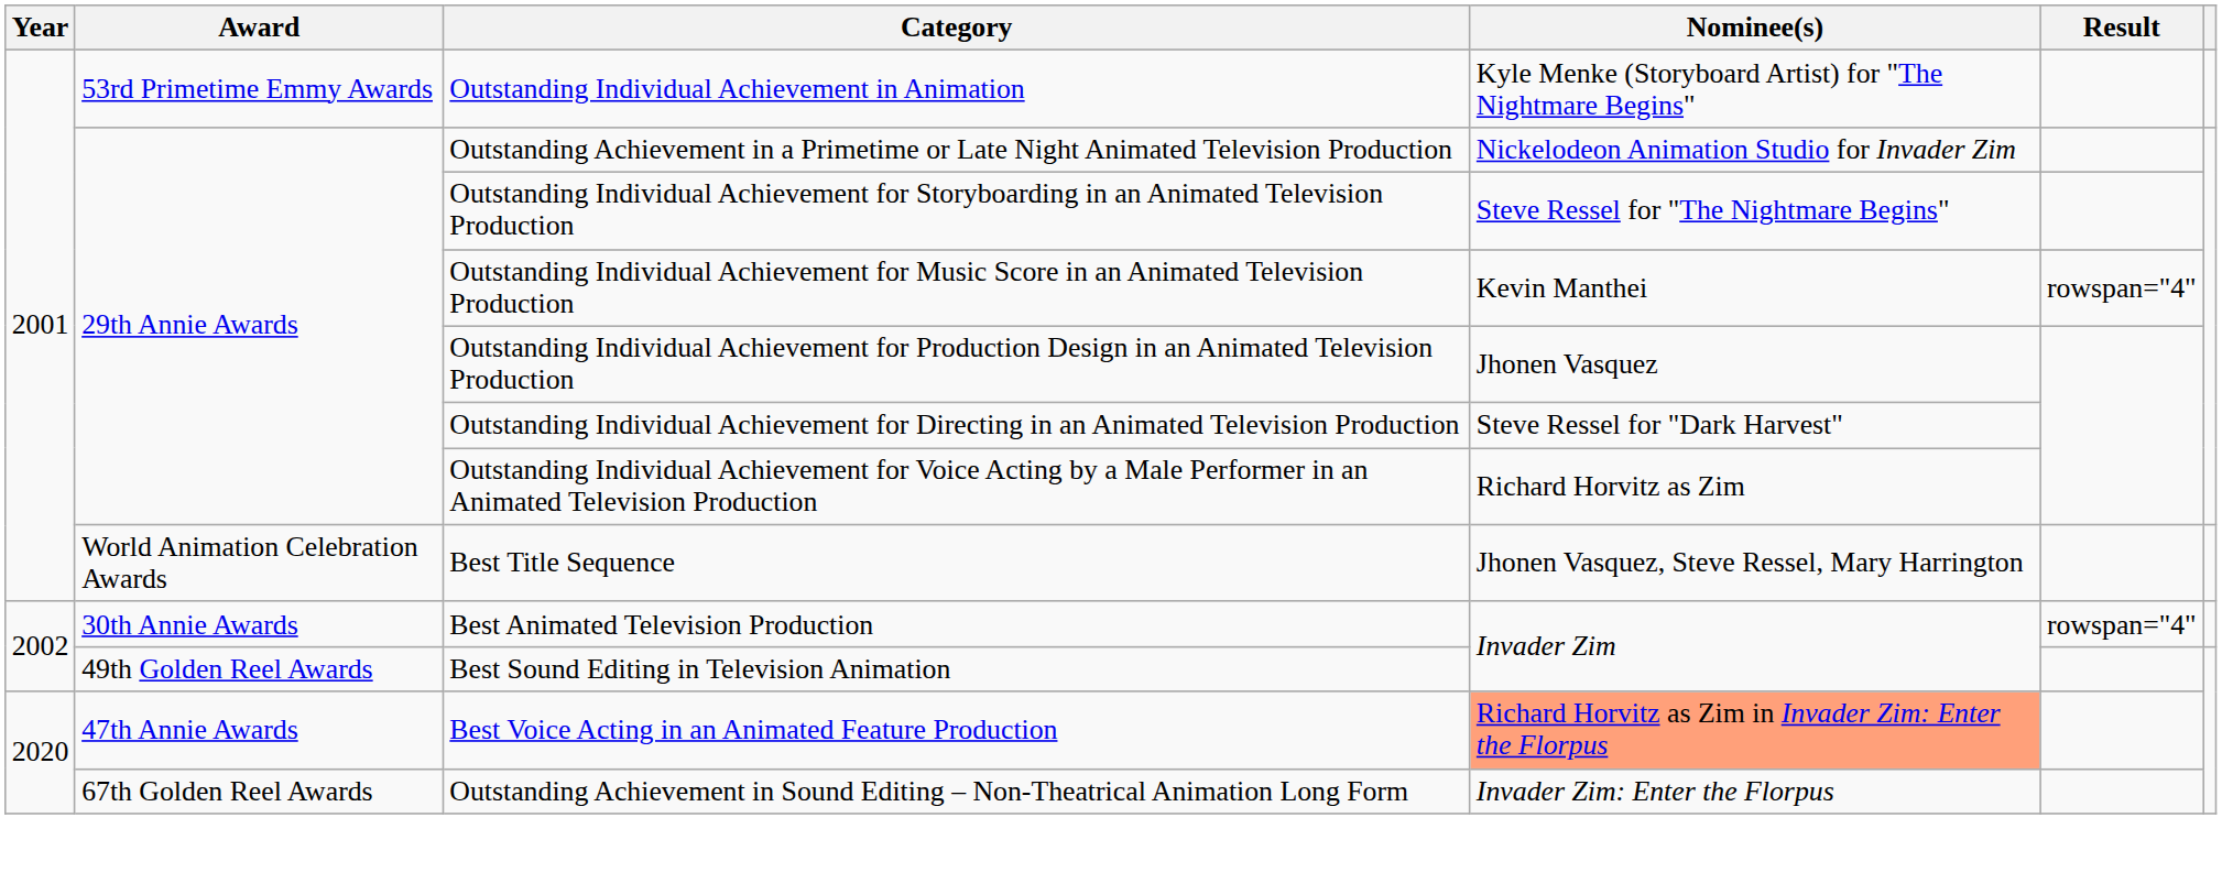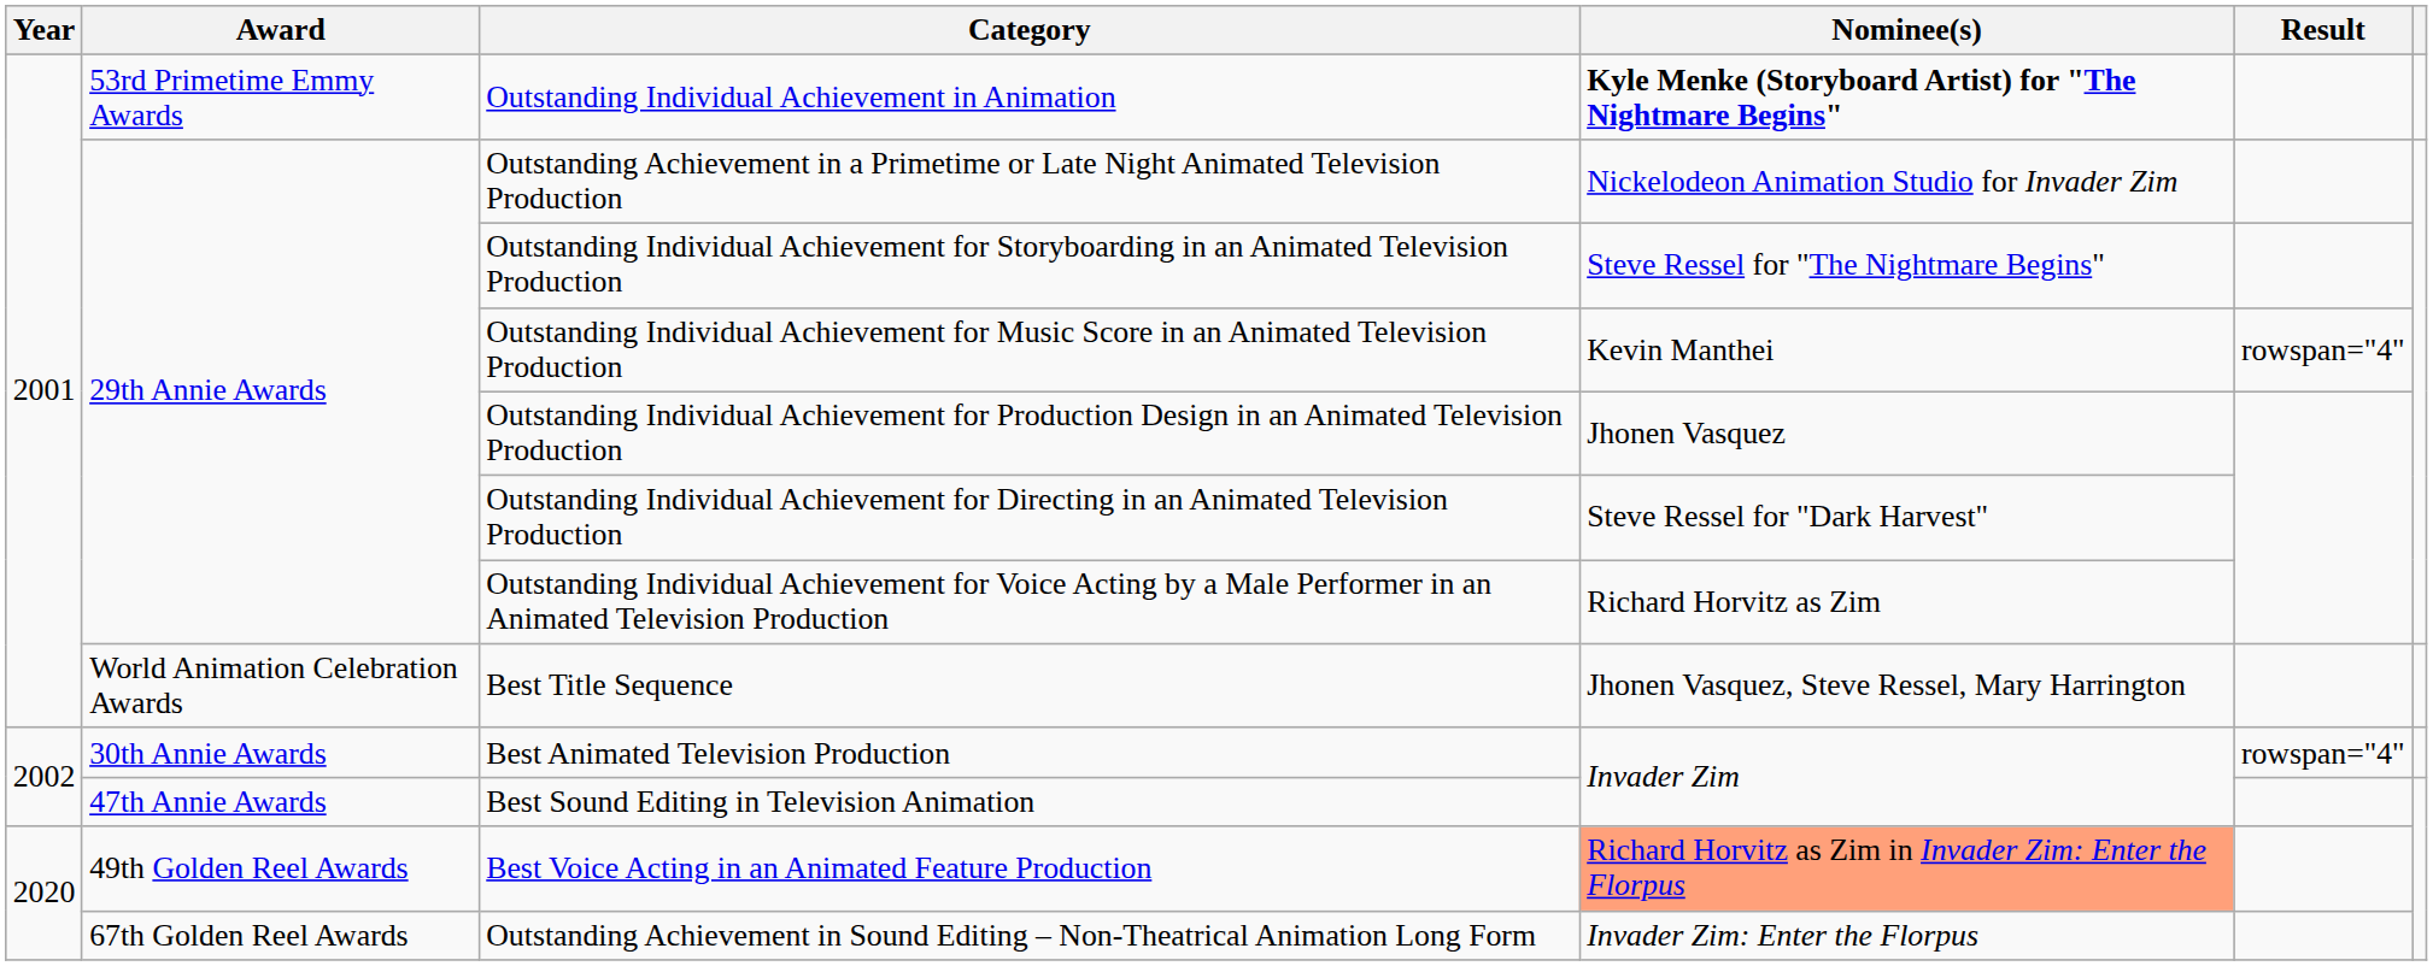 <table class="wikitable sortable">
 <tr>
 <th>Year</th>
 <th>Award</th>
 <th>Category</th>
 <th>Nominee(s)</th>
 <th>Result</th>
 <th></th>
 </tr>
 <tr>
 <td rowspan="8">2001</td>
 <td><a href='#'>53rd Primetime Emmy Awards</a></td>
 <td><a href='#'>Outstanding Individual Achievement in Animation</a></td>
-<td>Kyle Menke (Storyboard Artist) for "<a href='#'>The Nightmare Begins</a>"</td>
+<td><strong>Kyle Menke (Storyboard Artist) for "<a href='#'>The Nightmare Begins</a>"</strong></td>
 <td></td>
 <td align=center></td>
 </tr>
 <tr>
 <td rowspan="6"><a href='#'>29th Annie Awards</a></td>
 <td>Outstanding Achievement in a Primetime or Late Night Animated Television Production</td>
 <td><a href='#'>Nickelodeon Animation Studio</a> for <em>Invader Zim</em></td>
 <td></td>
 <td rowspan="6" style="text-align:center;"></td>
 </tr>
 <tr>
 <td>Outstanding Individual Achievement for Storyboarding in an Animated Television Production</td>
 <td><a href='#'>Steve Ressel</a> for "<a href='#'>The Nightmare Begins</a>"</td>
 <td></td>
 </tr>
 <tr>
 <td>Outstanding Individual Achievement for Music Score in an Animated Television Production</td>
 <td>Kevin Manthei</td>
 <td>rowspan="4" </td>
 </tr>
 <tr>
 <td>Outstanding Individual Achievement for Production Design in an Animated Television Production</td>
 <td>Jhonen Vasquez</td>
 </tr>
 <tr>
 <td>Outstanding Individual Achievement for Directing in an Animated Television Production</td>
 <td>Steve Ressel for "Dark Harvest"</td>
 </tr>
 <tr>
 <td>Outstanding Individual Achievement for Voice Acting by a Male Performer in an Animated Television Production</td>
 <td>Richard Horvitz as Zim</td>
 </tr>
 <tr>
 <td>World Animation Celebration Awards</td>
 <td>Best Title Sequence</td>
 <td>Jhonen Vasquez, Steve Ressel, Mary Harrington</td>
 <td></td>
 <td align=center></td>
 </tr>
 <tr>
 <td rowspan=2>2002</td>
 <td rowspan="1"><a href='#'>30th Annie Awards</a></td>
 <td>Best Animated Television Production</td>
 <td rowspan="2"><em>Invader Zim</em></td>
 <td>rowspan="4" </td>
 <td align=center></td>
 </tr>
 <tr>
-<td>49th <a href='#'>Golden Reel Awards</a></td>
+<td rowspan="1"><a href='#'>47th Annie Awards</a></td>
 <td>Best Sound Editing in Television Animation</td>
 <td align=center></td>
 </tr>
 <tr>
 <td rowspan=2>2020</td>
-<td rowspan="1"><a href='#'>47th Annie Awards</a></td>
+<td>49th <a href='#'>Golden Reel Awards</a></td>
 <td><a href='#'>Best Voice Acting in an Animated Feature Production</a></td>
 <td style="background: lightsalmon;"><a href='#'>Richard Horvitz</a> as Zim in <em><a href='#'>Invader Zim: Enter the Florpus</a></em></td>
 <td align=center></td>
 </tr>
 <tr>
 <td>67th Golden Reel Awards</td>
 <td>Outstanding Achievement in Sound Editing – Non-Theatrical Animation Long Form</td>
 <td><em>Invader Zim: Enter the Florpus</em></td>
 <td align=center></td>
 </tr>
 </table>
